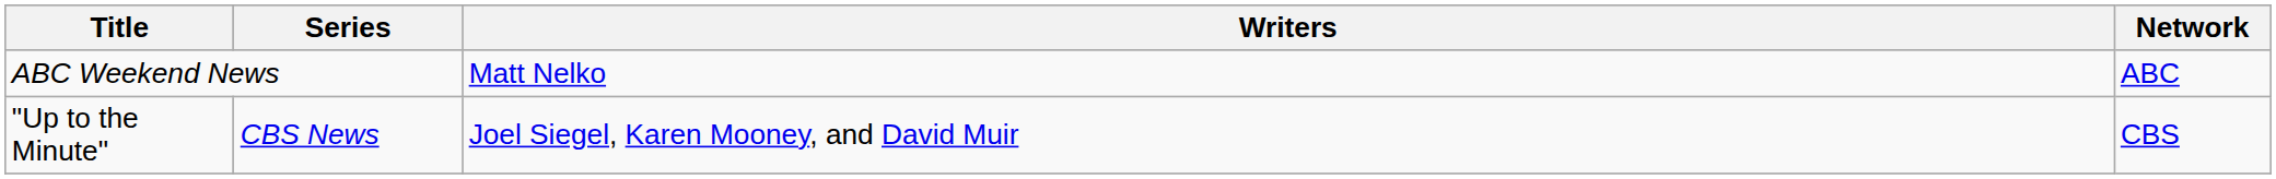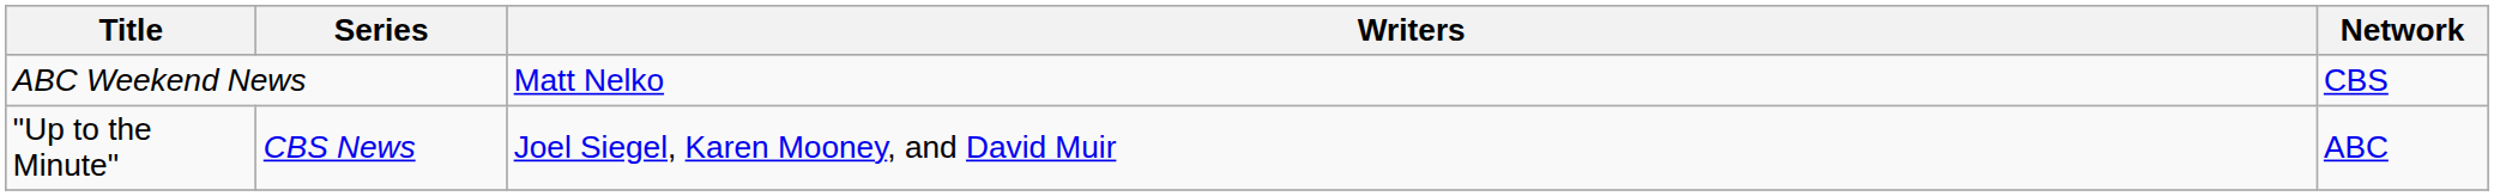 <table class="wikitable" width="100%">
 <tr>
 <th width="120">Title</th>
 <th width="120">Series</th>
 <th>Writers</th>
 <th width="80">Network</th>
 </tr>
 <tr>
 <td colspan=2><em>ABC Weekend News</em></td>
 <td><a href='#'>Matt Nelko</a></td>
-<td><a href='#'>ABC</a></td>
+<td><a href='#'>CBS</a></td>
 </tr>
 <tr>
 <td>"Up to the Minute"</td>
 <td><em><a href='#'>CBS News</a></em></td>
 <td><a href='#'>Joel Siegel</a>, <a href='#'>Karen Mooney</a>, and <a href='#'>David Muir</a></td>
-<td><a href='#'>CBS</a></td>
+<td><a href='#'>ABC</a></td>
 </tr>
 </table>
